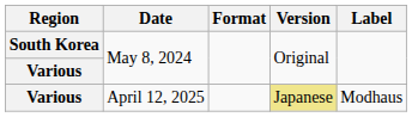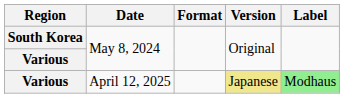 <table class="wikitable plainrowheaders">
 <tr>
 <th scope="col">Region</th>
 <th scope="col">Date</th>
 <th scope="col">Format</th>
 <th scope="col">Version</th>
 <th scope="col">Label</th>
 </tr>
 <tr>
 <th scope="row">South Korea</th>
 <td rowspan="2">May 8, 2024</td>
 <td rowspan="2"></td>
 <td rowspan="2">Original</td>
 <td rowspan="2"></td>
 </tr>
 <tr>
 <th scope="row">Various</th>
 </tr>
 <tr>
 <th scope="row">Various</th>
 <td>April 12, 2025</td>
 <td></td>
 <td style="background: khaki;">Japanese</td>
-<td>Modhaus</td>
+<td style="background: lightgreen;">Modhaus</td>
 </tr>
 </table>
